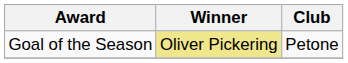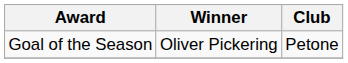 <table class="wikitable">
 <tr>
 <th>Award</th>
 <th>Winner</th>
 <th>Club</th>
 </tr>
 <tr>
 <td>Goal of the Season</td>
-<td style="background: khaki;"> Oliver Pickering</td>
+<td> Oliver Pickering</td>
 <td>Petone</td>
 </tr>
 <tr>
 </tr>
 </table>
